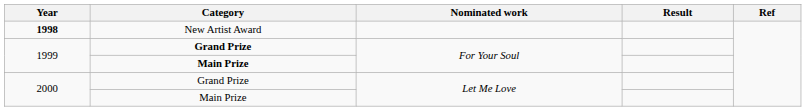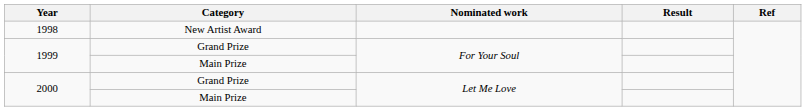 <table class="wikitable" style="text-align:center;" width="60%">
 <tr>
 <th>Year</th>
 <th>Category</th>
 <th>Nominated work</th>
 <th>Result</th>
 <th>Ref</th>
 </tr>
 <tr>
-<td><strong>1998</strong></td>
+<td>1998</td>
 <td>New Artist Award</td>
 <td></td>
 <td></td>
 <td rowspan="5"></td>
 </tr>
 <tr>
 <td rowspan="2">1999</td>
-<td><strong>Grand Prize</strong></td>
+<td>Grand Prize</td>
 <td rowspan="2"><em>For Your Soul</em></td>
 <td></td>
 </tr>
 <tr>
-<td><strong>Main Prize</strong></td>
+<td>Main Prize</td>
 <td></td>
 </tr>
 <tr>
 <td rowspan="2">2000</td>
 <td>Grand Prize</td>
 <td rowspan="2"><em>Let Me Love</em></td>
 <td></td>
 </tr>
 <tr>
 <td>Main Prize</td>
 <td></td>
 </tr>
 </table>
